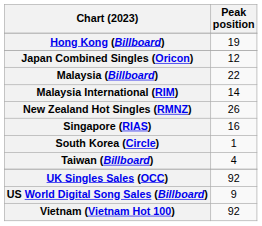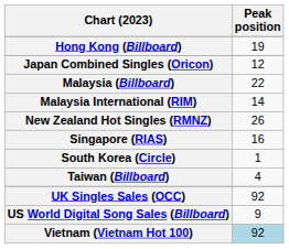 <table class="wikitable sortable plainrowheaders" style="text-align:center">
 <tr>
 <th scope="col">Chart (2023)</th>
 <th scope="col">Peak<br>position</th>
 </tr>
 <tr>
 </tr>
 <tr>
 <th scope="row"><a href='#'>Hong Kong</a> (<em><a href='#'>Billboard</a></em>)</th>
 <td>19</td>
 </tr>
 <tr>
 </tr>
 <tr>
 <th scope="row">Japan Combined Singles (<a href='#'>Oricon</a>)</th>
 <td>12</td>
 </tr>
 <tr>
 <th scope="row">Malaysia (<em><a href='#'>Billboard</a></em>)</th>
 <td>22</td>
 </tr>
 <tr>
 <th scope="row">Malaysia International (<a href='#'>RIM</a>)</th>
 <td>14</td>
 </tr>
 <tr>
 <th scope="row">New Zealand Hot Singles (<a href='#'>RMNZ</a>)</th>
 <td>26</td>
 </tr>
 <tr>
 <th scope="row">Singapore (<a href='#'>RIAS</a>)</th>
 <td>16</td>
 </tr>
 <tr>
 <th scope="row">South Korea (<a href='#'>Circle</a>)</th>
 <td>1</td>
 </tr>
 <tr>
 <th scope="row">Taiwan (<em><a href='#'>Billboard</a></em>)</th>
 <td>4</td>
 </tr>
 <tr>
 </tr>
 <tr>
 <th scope="row"><a href='#'>UK Singles Sales</a> (<a href='#'>OCC</a>)</th>
 <td>92</td>
 </tr>
 <tr>
 <th scope="row">US <a href='#'>World Digital Song Sales</a> (<em><a href='#'>Billboard</a></em>)</th>
 <td>9</td>
 </tr>
 <tr>
 <th scope="row">Vietnam (<a href='#'>Vietnam Hot 100</a>)</th>
-<td>92</td>
+<td style="background: lightblue;">92</td>
 </tr>
 </table>
